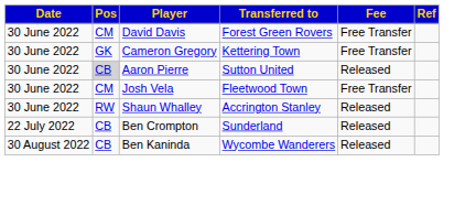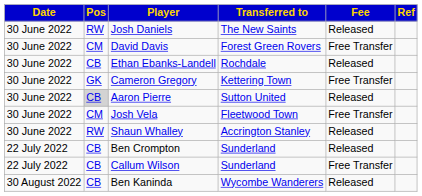 <table class="wikitable plainrowheaders sortable">
 <tr>
 <th style="background:#0000CD; color:#FFD700; ">Date</th>
 <th style="background:#0000CD; color:#FFD700; ">Pos</th>
 <th style="background:#0000CD; color:#FFD700; ">Player</th>
 <th style="background:#0000CD; color:#FFD700; ">Transferred to</th>
 <th style="background:#0000CD; color:#FFD700; ">Fee</th>
 <th style="background:#0000CD; color:#FFD700; ">Ref</th>
 </tr>
 <tr>
 <td>30 June 2022</td>
+<td><a href='#'>RW</a></td>
+<td> <a href='#'>Josh Daniels</a></td>
+<td> <a href='#'>The New Saints</a></td>
+<td>Released</td>
+<td></td>
+</tr>
+<tr>
+<td>30 June 2022</td>
 <td><a href='#'>CM</a></td>
 <td> <a href='#'>David Davis</a></td>
 <td> <a href='#'>Forest Green Rovers</a></td>
 <td>Free Transfer</td>
+<td></td>
+</tr>
+<tr>
+<td>30 June 2022</td>
+<td><a href='#'>CB</a></td>
+<td> <a href='#'>Ethan Ebanks-Landell</a></td>
+<td> <a href='#'>Rochdale</a></td>
+<td>Released</td>
 <td></td>
 </tr>
 <tr>
 <td>30 June 2022</td>
 <td><a href='#'>GK</a></td>
 <td> <a href='#'>Cameron Gregory</a></td>
 <td> <a href='#'>Kettering Town</a></td>
 <td>Free Transfer</td>
 <td></td>
 </tr>
 <tr>
 <td>30 June 2022</td>
 <td style="background: lightgrey;"><a href='#'>CB</a></td>
 <td> <a href='#'>Aaron Pierre</a></td>
 <td> <a href='#'>Sutton United</a></td>
 <td>Released</td>
 <td></td>
 </tr>
 <tr>
 <td>30 June 2022</td>
 <td><a href='#'>CM</a></td>
 <td> <a href='#'>Josh Vela</a></td>
 <td> <a href='#'>Fleetwood Town</a></td>
 <td>Free Transfer</td>
 <td></td>
 </tr>
 <tr>
 <td>30 June 2022</td>
 <td><a href='#'>RW</a></td>
 <td> <a href='#'>Shaun Whalley</a></td>
 <td> <a href='#'>Accrington Stanley</a></td>
 <td>Released</td>
 <td></td>
 </tr>
 <tr>
 <td>22 July 2022</td>
 <td><a href='#'>CB</a></td>
 <td> Ben Crompton</td>
 <td> <a href='#'>Sunderland</a></td>
 <td>Released</td>
 <td></td>
 </tr>
 <tr>
+<td>22 July 2022</td>
+<td><a href='#'>CB</a></td>
+<td> <a href='#'>Callum Wilson</a></td>
+<td> <a href='#'>Sunderland</a></td>
+<td>Free Transfer</td>
+<td></td>
+</tr>
+<tr>
 <td>30 August 2022</td>
 <td><a href='#'>CB</a></td>
 <td> Ben Kaninda</td>
 <td> <a href='#'>Wycombe Wanderers</a></td>
 <td>Released</td>
 <td></td>
 </tr>
 </table>
